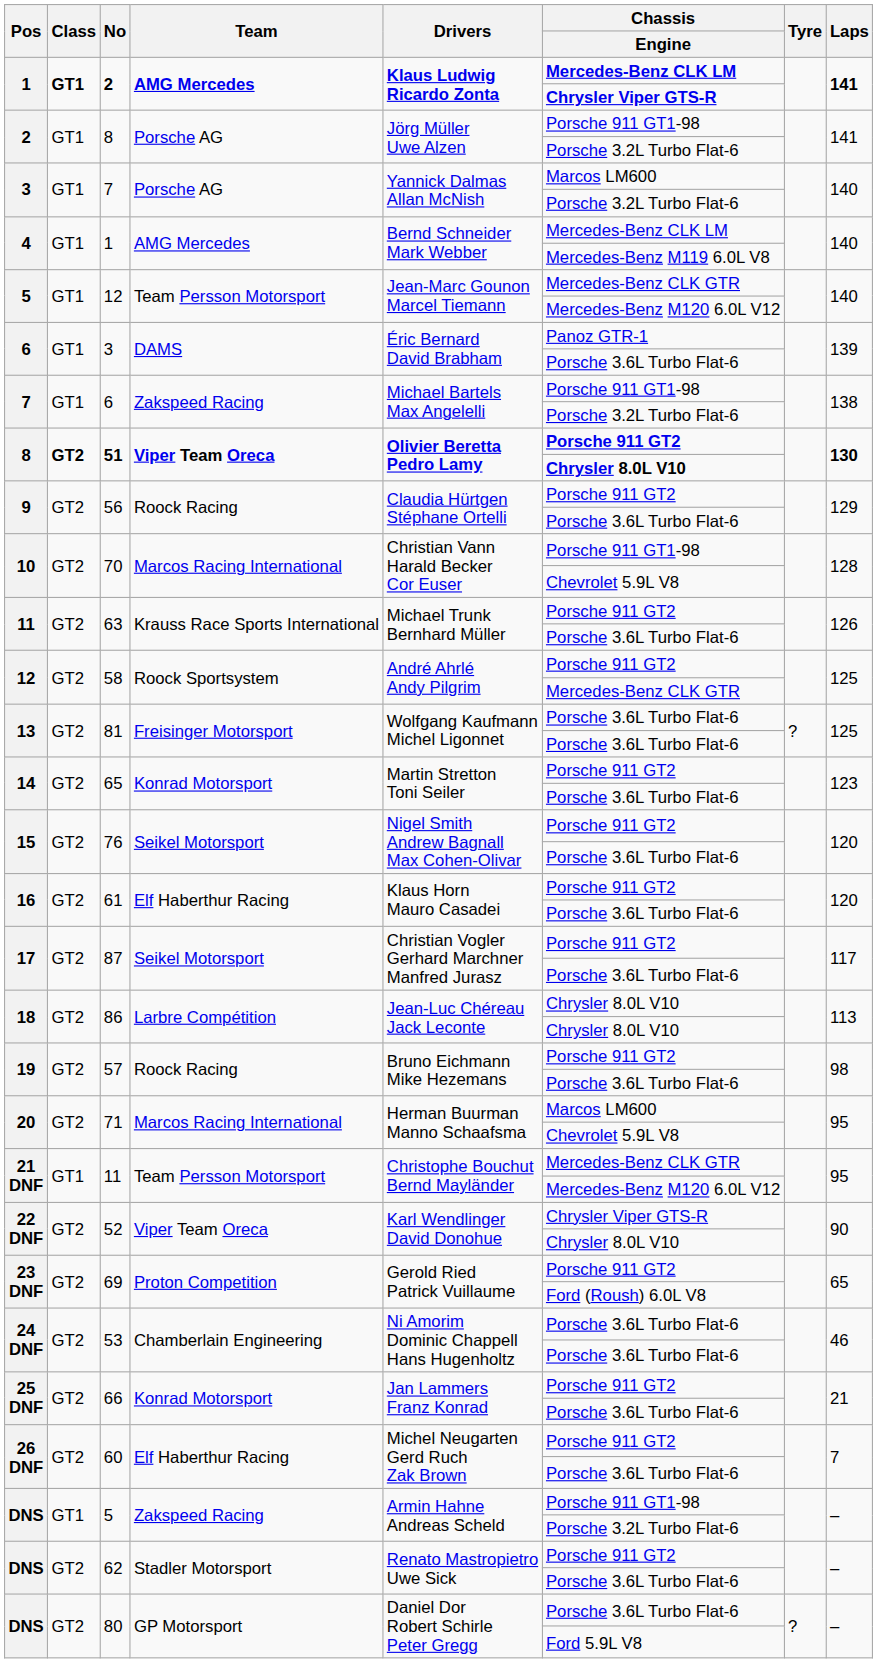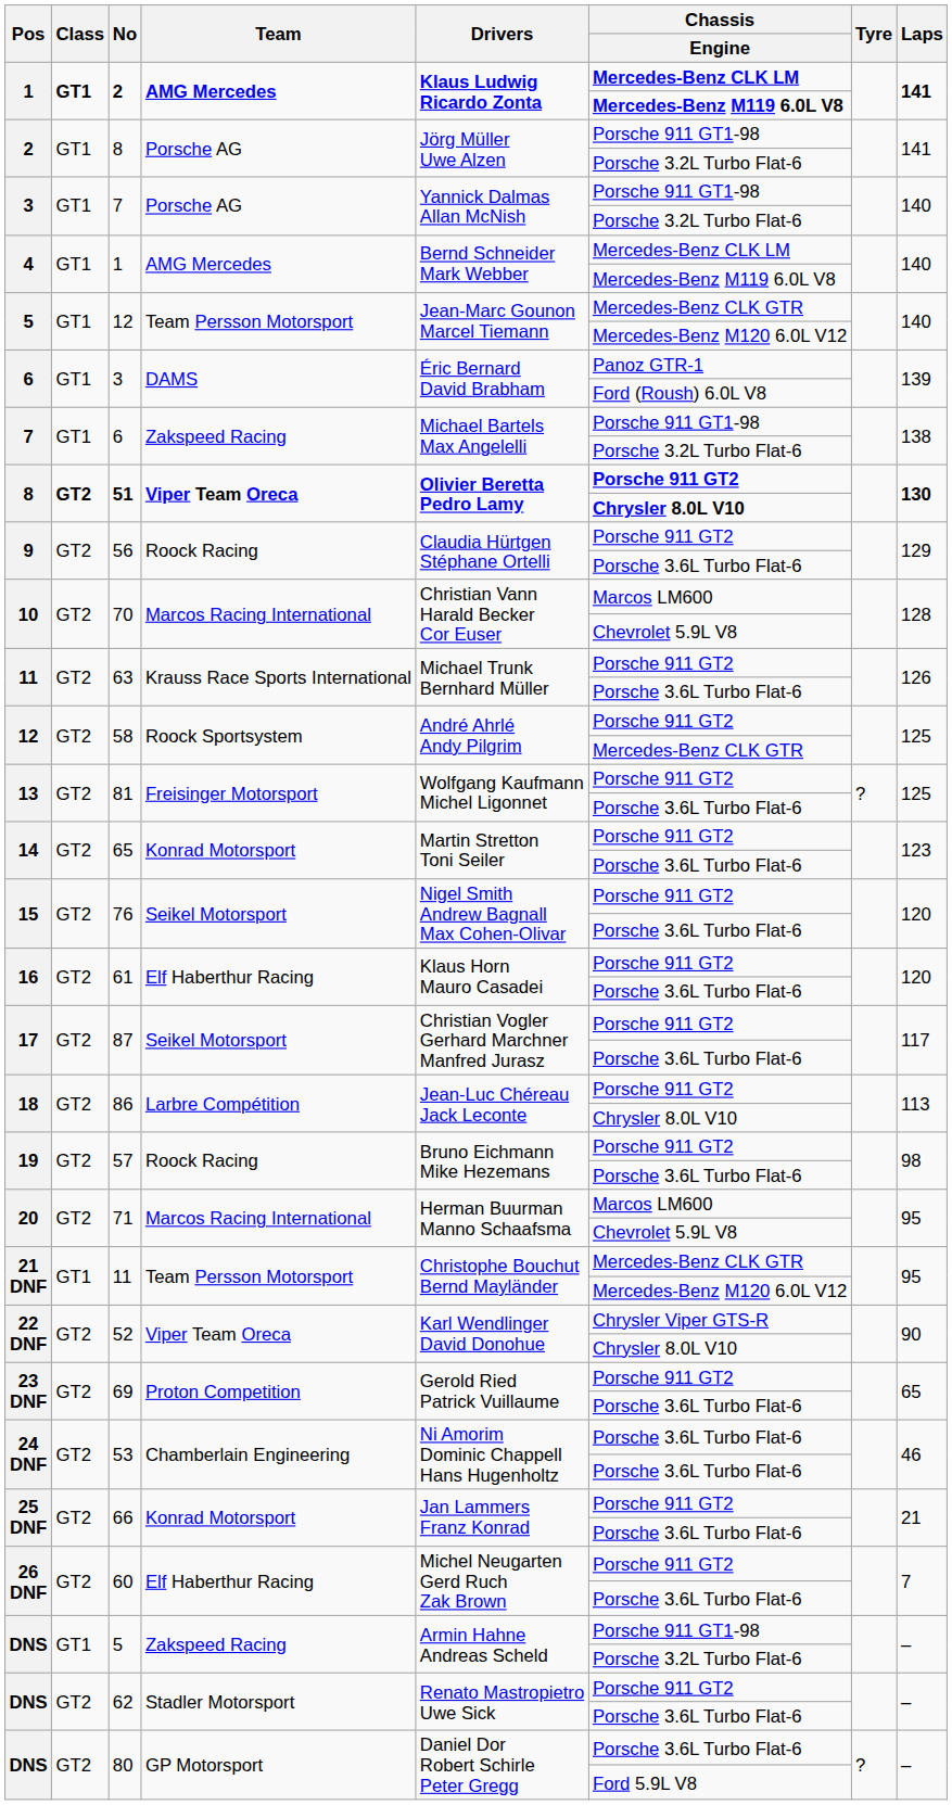 <table class="wikitable" style="font-size: 95%;">
 <tr>
 <th rowspan=2>Pos</th>
 <th rowspan=2>Class</th>
 <th rowspan=2>No</th>
 <th rowspan=2>Team</th>
 <th rowspan=2>Drivers</th>
 <th>Chassis</th>
 <th rowspan=2>Tyre</th>
 <th rowspan=2>Laps</th>
 </tr>
 <tr>
 <th>Engine</th>
 </tr>
 <tr style="font-weight:bold">
 <th rowspan=2>1</th>
 <td rowspan=2>GT1</td>
 <td rowspan=2>2</td>
 <td rowspan=2> <a href='#'>AMG Mercedes</a></td>
 <td rowspan=2> <a href='#'>Klaus Ludwig</a><br> <a href='#'>Ricardo Zonta</a></td>
 <td><a href='#'>Mercedes-Benz CLK LM</a></td>
 <td rowspan=2></td>
 <td rowspan=2>141</td>
 </tr>
 <tr style="font-weight:bold">
-<td><a href='#'>Chrysler Viper GTS-R</a></td>
+<td><a href='#'>Mercedes-Benz</a> <a href='#'>M119</a> 6.0L V8</td>
 </tr>
 <tr>
 <th rowspan=2>2</th>
 <td rowspan=2>GT1</td>
 <td rowspan=2>8</td>
 <td rowspan=2> <a href='#'>Porsche</a> AG</td>
 <td rowspan=2> <a href='#'>Jörg Müller</a><br> <a href='#'>Uwe Alzen</a></td>
 <td><a href='#'>Porsche 911 GT1</a>-98</td>
 <td rowspan=2></td>
 <td rowspan=2>141</td>
 </tr>
 <tr>
 <td><a href='#'>Porsche</a> 3.2L Turbo Flat-6</td>
 </tr>
 <tr>
 <th rowspan=2>3</th>
 <td rowspan=2>GT1</td>
 <td rowspan=2>7</td>
 <td rowspan=2> <a href='#'>Porsche</a> AG</td>
 <td rowspan=2> <a href='#'>Yannick Dalmas</a><br> <a href='#'>Allan McNish</a></td>
-<td><a href='#'>Marcos</a> LM600</td>
+<td><a href='#'>Porsche 911 GT1</a>-98</td>
 <td rowspan=2></td>
 <td rowspan=2>140</td>
 </tr>
 <tr>
 <td><a href='#'>Porsche</a> 3.2L Turbo Flat-6</td>
 </tr>
 <tr>
 <th rowspan=2>4</th>
 <td rowspan=2>GT1</td>
 <td rowspan=2>1</td>
 <td rowspan=2> <a href='#'>AMG Mercedes</a></td>
 <td rowspan=2> <a href='#'>Bernd Schneider</a><br> <a href='#'>Mark Webber</a></td>
 <td><a href='#'>Mercedes-Benz CLK LM</a></td>
 <td rowspan=2></td>
 <td rowspan=2>140</td>
 </tr>
 <tr>
 <td><a href='#'>Mercedes-Benz</a> <a href='#'>M119</a> 6.0L V8</td>
 </tr>
 <tr>
 <th rowspan=2>5</th>
 <td rowspan=2>GT1</td>
 <td rowspan=2>12</td>
 <td rowspan=2> Team <a href='#'>Persson Motorsport</a></td>
 <td rowspan=2> <a href='#'>Jean-Marc Gounon</a><br> <a href='#'>Marcel Tiemann</a></td>
 <td><a href='#'>Mercedes-Benz CLK GTR</a></td>
 <td rowspan=2></td>
 <td rowspan=2>140</td>
 </tr>
 <tr>
 <td><a href='#'>Mercedes-Benz</a> <a href='#'>M120</a> 6.0L V12</td>
 </tr>
 <tr>
 <th rowspan=2>6</th>
 <td rowspan=2>GT1</td>
 <td rowspan=2>3</td>
 <td rowspan=2> <a href='#'>DAMS</a></td>
 <td rowspan=2> <a href='#'>Éric Bernard</a><br> <a href='#'>David Brabham</a></td>
 <td><a href='#'>Panoz GTR-1</a></td>
 <td rowspan=2></td>
 <td rowspan=2>139</td>
 </tr>
 <tr>
-<td><a href='#'>Porsche</a> 3.6L Turbo Flat-6</td>
+<td><a href='#'>Ford</a> (<a href='#'>Roush</a>) 6.0L V8</td>
 </tr>
 <tr>
 <th rowspan=2>7</th>
 <td rowspan=2>GT1</td>
 <td rowspan=2>6</td>
 <td rowspan=2> <a href='#'>Zakspeed Racing</a></td>
 <td rowspan=2> <a href='#'>Michael Bartels</a><br> <a href='#'>Max Angelelli</a></td>
 <td><a href='#'>Porsche 911 GT1</a>-98</td>
 <td rowspan=2></td>
 <td rowspan=2>138</td>
 </tr>
 <tr>
 <td><a href='#'>Porsche</a> 3.2L Turbo Flat-6</td>
 </tr>
 <tr style="font-weight:bold">
 <th rowspan=2>8</th>
 <td rowspan=2>GT2</td>
 <td rowspan=2>51</td>
 <td rowspan=2> <a href='#'>Viper</a> Team <a href='#'>Oreca</a></td>
 <td rowspan=2> <a href='#'>Olivier Beretta</a><br> <a href='#'>Pedro Lamy</a></td>
 <td><a href='#'>Porsche 911 GT2</a></td>
 <td rowspan=2></td>
 <td rowspan=2>130</td>
 </tr>
 <tr style="font-weight:bold">
 <td><a href='#'>Chrysler</a> 8.0L V10</td>
 </tr>
 <tr>
 <th rowspan=2>9</th>
 <td rowspan=2>GT2</td>
 <td rowspan=2>56</td>
 <td rowspan=2> Roock Racing</td>
 <td rowspan=2> <a href='#'>Claudia Hürtgen</a><br> <a href='#'>Stéphane Ortelli</a></td>
 <td><a href='#'>Porsche 911 GT2</a></td>
 <td rowspan=2></td>
 <td rowspan=2>129</td>
 </tr>
 <tr>
 <td><a href='#'>Porsche</a> 3.6L Turbo Flat-6</td>
 </tr>
 <tr>
 <th rowspan=2>10</th>
 <td rowspan=2>GT2</td>
 <td rowspan=2>70</td>
 <td rowspan=2> <a href='#'>Marcos Racing International</a></td>
 <td rowspan=2> Christian Vann<br> Harald Becker<br> <a href='#'>Cor Euser</a></td>
-<td><a href='#'>Porsche 911 GT1</a>-98</td>
+<td><a href='#'>Marcos</a> LM600</td>
 <td rowspan=2></td>
 <td rowspan=2>128</td>
 </tr>
 <tr>
 <td><a href='#'>Chevrolet</a> 5.9L V8</td>
 </tr>
 <tr>
 <th rowspan=2>11</th>
 <td rowspan=2>GT2</td>
 <td rowspan=2>63</td>
 <td rowspan=2> Krauss Race Sports International</td>
 <td rowspan=2> Michael Trunk<br> Bernhard Müller</td>
 <td><a href='#'>Porsche 911 GT2</a></td>
 <td rowspan=2></td>
 <td rowspan=2>126</td>
 </tr>
 <tr>
 <td><a href='#'>Porsche</a> 3.6L Turbo Flat-6</td>
 </tr>
 <tr>
 <th rowspan=2>12</th>
 <td rowspan=2>GT2</td>
 <td rowspan=2>58</td>
 <td rowspan=2> Roock Sportsystem</td>
 <td rowspan=2> <a href='#'>André Ahrlé</a><br> <a href='#'>Andy Pilgrim</a></td>
 <td><a href='#'>Porsche 911 GT2</a></td>
 <td rowspan=2></td>
 <td rowspan=2>125</td>
 </tr>
 <tr>
 <td><a href='#'>Mercedes-Benz CLK GTR</a></td>
 </tr>
 <tr>
 <th rowspan=2>13</th>
 <td rowspan=2>GT2</td>
 <td rowspan=2>81</td>
 <td rowspan=2> <a href='#'>Freisinger Motorsport</a></td>
 <td rowspan=2> Wolfgang Kaufmann<br> Michel Ligonnet</td>
-<td><a href='#'>Porsche</a> 3.6L Turbo Flat-6</td>
+<td><a href='#'>Porsche 911 GT2</a></td>
 <td rowspan=2>?</td>
 <td rowspan=2>125</td>
 </tr>
 <tr>
 <td><a href='#'>Porsche</a> 3.6L Turbo Flat-6</td>
 </tr>
 <tr>
 <th rowspan=2>14</th>
 <td rowspan=2>GT2</td>
 <td rowspan=2>65</td>
 <td rowspan=2> <a href='#'>Konrad Motorsport</a></td>
 <td rowspan=2> Martin Stretton<br> Toni Seiler</td>
 <td><a href='#'>Porsche 911 GT2</a></td>
 <td rowspan=2></td>
 <td rowspan=2>123</td>
 </tr>
 <tr>
 <td><a href='#'>Porsche</a> 3.6L Turbo Flat-6</td>
 </tr>
 <tr>
 <th rowspan=2>15</th>
 <td rowspan=2>GT2</td>
 <td rowspan=2>76</td>
 <td rowspan=2> <a href='#'>Seikel Motorsport</a></td>
 <td rowspan=2> <a href='#'>Nigel Smith</a><br> <a href='#'>Andrew Bagnall</a><br> <a href='#'>Max Cohen-Olivar</a></td>
 <td><a href='#'>Porsche 911 GT2</a></td>
 <td rowspan=2></td>
 <td rowspan=2>120</td>
 </tr>
 <tr>
 <td><a href='#'>Porsche</a> 3.6L Turbo Flat-6</td>
 </tr>
 <tr>
 <th rowspan=2>16</th>
 <td rowspan=2>GT2</td>
 <td rowspan=2>61</td>
 <td rowspan=2> <a href='#'>Elf</a> Haberthur Racing</td>
 <td rowspan=2> Klaus Horn<br> Mauro Casadei</td>
 <td><a href='#'>Porsche 911 GT2</a></td>
 <td rowspan=2></td>
 <td rowspan=2>120</td>
 </tr>
 <tr>
 <td><a href='#'>Porsche</a> 3.6L Turbo Flat-6</td>
 </tr>
 <tr>
 <th rowspan=2>17</th>
 <td rowspan=2>GT2</td>
 <td rowspan=2>87</td>
 <td rowspan=2> <a href='#'>Seikel Motorsport</a></td>
 <td rowspan=2> Christian Vogler<br> Gerhard Marchner<br> Manfred Jurasz</td>
 <td><a href='#'>Porsche 911 GT2</a></td>
 <td rowspan=2></td>
 <td rowspan=2>117</td>
 </tr>
 <tr>
 <td><a href='#'>Porsche</a> 3.6L Turbo Flat-6</td>
 </tr>
 <tr>
 <th rowspan=2>18</th>
 <td rowspan=2>GT2</td>
 <td rowspan=2>86</td>
 <td rowspan=2> <a href='#'>Larbre Compétition</a></td>
 <td rowspan=2> <a href='#'>Jean-Luc Chéreau</a><br> <a href='#'>Jack Leconte</a></td>
-<td><a href='#'>Chrysler</a> 8.0L V10</td>
+<td><a href='#'>Porsche 911 GT2</a></td>
 <td rowspan=2></td>
 <td rowspan=2>113</td>
 </tr>
 <tr>
 <td><a href='#'>Chrysler</a> 8.0L V10</td>
 </tr>
 <tr>
 <th rowspan=2>19</th>
 <td rowspan=2>GT2</td>
 <td rowspan=2>57</td>
 <td rowspan=2> Roock Racing</td>
 <td rowspan=2> Bruno Eichmann<br> Mike Hezemans</td>
 <td><a href='#'>Porsche 911 GT2</a></td>
 <td rowspan=2></td>
 <td rowspan=2>98</td>
 </tr>
 <tr>
 <td><a href='#'>Porsche</a> 3.6L Turbo Flat-6</td>
 </tr>
 <tr>
 <th rowspan=2>20</th>
 <td rowspan=2>GT2</td>
 <td rowspan=2>71</td>
 <td rowspan=2> <a href='#'>Marcos Racing International</a></td>
 <td rowspan=2> Herman Buurman<br> Manno Schaafsma</td>
 <td><a href='#'>Marcos</a> LM600</td>
 <td rowspan=2></td>
 <td rowspan=2>95</td>
 </tr>
 <tr>
 <td><a href='#'>Chevrolet</a> 5.9L V8</td>
 </tr>
 <tr>
 <th rowspan=2>21<br>DNF</th>
 <td rowspan=2>GT1</td>
 <td rowspan=2>11</td>
 <td rowspan=2> Team <a href='#'>Persson Motorsport</a></td>
 <td rowspan=2> <a href='#'>Christophe Bouchut</a><br> <a href='#'>Bernd Mayländer</a></td>
 <td><a href='#'>Mercedes-Benz CLK GTR</a></td>
 <td rowspan=2></td>
 <td rowspan=2>95</td>
 </tr>
 <tr>
 <td><a href='#'>Mercedes-Benz</a> <a href='#'>M120</a> 6.0L V12</td>
 </tr>
 <tr>
 <th rowspan=2>22<br>DNF</th>
 <td rowspan=2>GT2</td>
 <td rowspan=2>52</td>
 <td rowspan=2> <a href='#'>Viper</a> Team <a href='#'>Oreca</a></td>
 <td rowspan=2> <a href='#'>Karl Wendlinger</a><br> <a href='#'>David Donohue</a></td>
 <td><a href='#'>Chrysler Viper GTS-R</a></td>
 <td rowspan=2></td>
 <td rowspan=2>90</td>
 </tr>
 <tr>
 <td><a href='#'>Chrysler</a> 8.0L V10</td>
 </tr>
 <tr>
 <th rowspan=2>23<br>DNF</th>
 <td rowspan=2>GT2</td>
 <td rowspan=2>69</td>
 <td rowspan=2> <a href='#'>Proton Competition</a></td>
 <td rowspan=2> Gerold Ried<br> Patrick Vuillaume</td>
 <td><a href='#'>Porsche 911 GT2</a></td>
 <td rowspan=2></td>
 <td rowspan=2>65</td>
 </tr>
 <tr>
-<td><a href='#'>Ford</a> (<a href='#'>Roush</a>) 6.0L V8</td>
+<td><a href='#'>Porsche</a> 3.6L Turbo Flat-6</td>
 </tr>
 <tr>
 <th rowspan=2>24<br>DNF</th>
 <td rowspan=2>GT2</td>
 <td rowspan=2>53</td>
 <td rowspan=2> Chamberlain Engineering</td>
 <td rowspan=2> <a href='#'>Ni Amorim</a><br> Dominic Chappell<br> Hans Hugenholtz</td>
 <td><a href='#'>Porsche</a> 3.6L Turbo Flat-6</td>
 <td rowspan=2></td>
 <td rowspan=2>46</td>
 </tr>
 <tr>
 <td><a href='#'>Porsche</a> 3.6L Turbo Flat-6</td>
 </tr>
 <tr>
 <th rowspan=2>25<br>DNF</th>
 <td rowspan=2>GT2</td>
 <td rowspan=2>66</td>
 <td rowspan=2> <a href='#'>Konrad Motorsport</a></td>
 <td rowspan=2> <a href='#'>Jan Lammers</a><br> <a href='#'>Franz Konrad</a></td>
 <td><a href='#'>Porsche 911 GT2</a></td>
 <td rowspan=2></td>
 <td rowspan=2>21</td>
 </tr>
 <tr>
 <td><a href='#'>Porsche</a> 3.6L Turbo Flat-6</td>
 </tr>
 <tr>
 <th rowspan=2>26<br>DNF</th>
 <td rowspan=2>GT2</td>
 <td rowspan=2>60</td>
 <td rowspan=2> <a href='#'>Elf</a> Haberthur Racing</td>
 <td rowspan=2> Michel Neugarten<br> Gerd Ruch<br> <a href='#'>Zak Brown</a></td>
 <td><a href='#'>Porsche 911 GT2</a></td>
 <td rowspan=2></td>
 <td rowspan=2>7</td>
 </tr>
 <tr>
 <td><a href='#'>Porsche</a> 3.6L Turbo Flat-6</td>
 </tr>
 <tr>
 <th rowspan=2>DNS</th>
 <td rowspan=2>GT1</td>
 <td rowspan=2>5</td>
 <td rowspan=2> <a href='#'>Zakspeed Racing</a></td>
 <td rowspan=2> <a href='#'>Armin Hahne</a><br> Andreas Scheld</td>
 <td><a href='#'>Porsche 911 GT1</a>-98</td>
 <td rowspan=2></td>
 <td rowspan=2>–</td>
 </tr>
 <tr>
 <td><a href='#'>Porsche</a> 3.2L Turbo Flat-6</td>
 </tr>
 <tr>
 <th rowspan=2>DNS</th>
 <td rowspan=2>GT2</td>
 <td rowspan=2>62</td>
 <td rowspan=2> Stadler Motorsport</td>
 <td rowspan=2> <a href='#'>Renato Mastropietro</a><br> Uwe Sick</td>
 <td><a href='#'>Porsche 911 GT2</a></td>
 <td rowspan=2></td>
 <td rowspan=2>–</td>
 </tr>
 <tr>
 <td><a href='#'>Porsche</a> 3.6L Turbo Flat-6</td>
 </tr>
 <tr>
 <th rowspan=2>DNS</th>
 <td rowspan=2>GT2</td>
 <td rowspan=2>80</td>
 <td rowspan=2> GP Motorsport</td>
 <td rowspan=2> Daniel Dor<br> Robert Schirle<br> <a href='#'>Peter Gregg</a></td>
 <td><a href='#'>Porsche</a> 3.6L Turbo Flat-6</td>
 <td rowspan=2>?</td>
 <td rowspan=2>–</td>
 </tr>
 <tr>
 <td><a href='#'>Ford</a> 5.9L V8</td>
 </tr>
 </table>
